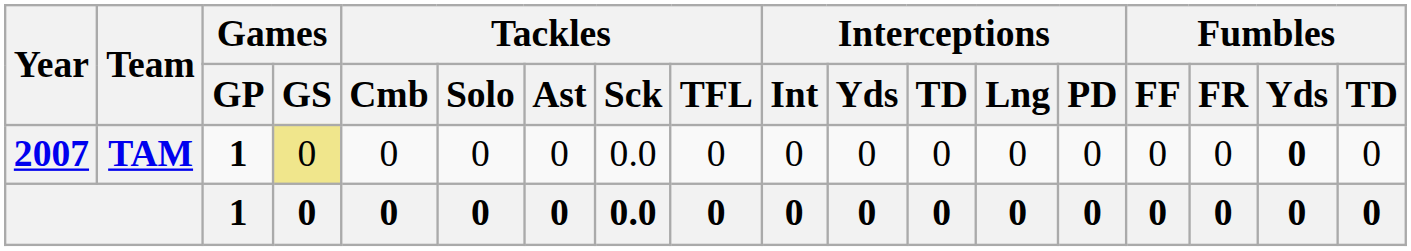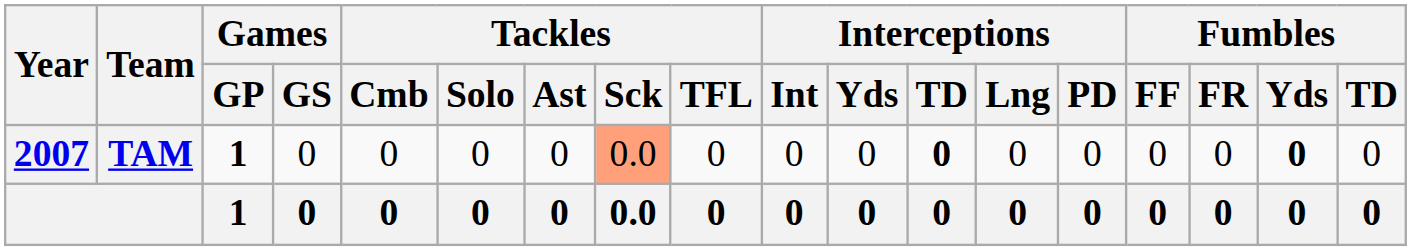 <table class="wikitable" style="text-align:center">
 <tr>
 <th rowspan="2">Year</th>
 <th rowspan="2">Team</th>
 <th colspan="2">Games</th>
 <th colspan="5">Tackles</th>
 <th colspan="5">Interceptions</th>
 <th colspan="4">Fumbles</th>
 </tr>
 <tr>
 <th>GP</th>
 <th>GS</th>
 <th>Cmb</th>
 <th>Solo</th>
 <th>Ast</th>
 <th>Sck</th>
 <th>TFL</th>
 <th>Int</th>
 <th>Yds</th>
 <th>TD</th>
 <th>Lng</th>
 <th>PD</th>
 <th>FF</th>
 <th>FR</th>
 <th>Yds</th>
 <th>TD</th>
 </tr>
 <tr>
 <th><a href='#'>2007</a></th>
 <th><a href='#'>TAM</a></th>
 <td><strong>1</strong></td>
-<td style="background: khaki;">0</td>
-<td>0</td>
-<td>0</td>
-<td>0</td>
-<td>0.0</td>
 <td>0</td>
 <td>0</td>
 <td>0</td>
 <td>0</td>
+<td style="background: lightsalmon;">0.0</td>
+<td>0</td>
+<td>0</td>
+<td>0</td>
+<td><strong>0</strong></td>
 <td>0</td>
 <td>0</td>
 <td>0</td>
 <td>0</td>
 <td><strong>0</strong></td>
 <td>0</td>
 </tr>
 <tr>
 <th colspan="2"></th>
 <th>1</th>
 <th>0</th>
 <th>0</th>
 <th>0</th>
 <th>0</th>
 <th>0.0</th>
 <th>0</th>
 <th>0</th>
 <th>0</th>
 <th>0</th>
 <th>0</th>
 <th>0</th>
 <th>0</th>
 <th>0</th>
 <th>0</th>
 <th>0</th>
 </tr>
 </table>
